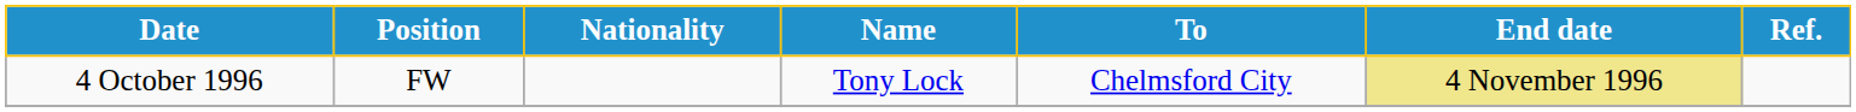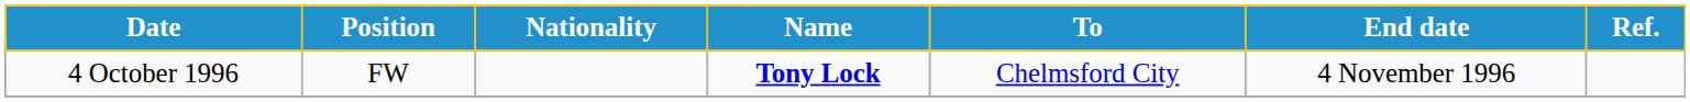 <table class="wikitable" style="text-align:center; font-size:90%; width:100%;">
 <tr>
 <th style="background:#2191CC; color:white; border:1px solid #F7C408; text-align:center;">Date</th>
 <th style="background:#2191CC; color:white; border:1px solid #F7C408; text-align:center;">Position</th>
 <th style="background:#2191CC; color:white; border:1px solid #F7C408; text-align:center;">Nationality</th>
 <th style="background:#2191CC; color:white; border:1px solid #F7C408; text-align:center;">Name</th>
 <th style="background:#2191CC; color:white; border:1px solid #F7C408; text-align:center;">To</th>
 <th style="background:#2191CC; color:white; border:1px solid #F7C408; text-align:center;">End date</th>
 <th style="background:#2191CC; color:white; border:1px solid #F7C408; text-align:center;">Ref.</th>
 </tr>
 <tr>
 <td>4 October 1996</td>
 <td>FW</td>
 <td></td>
-<td><a href='#'>Tony Lock</a></td>
+<td><strong><a href='#'>Tony Lock</a></strong></td>
 <td> <a href='#'>Chelmsford City</a></td>
-<td style="background: khaki;">4 November 1996</td>
+<td>4 November 1996</td>
 <td></td>
 </tr>
 <tr>
 </tr>
 </table>
